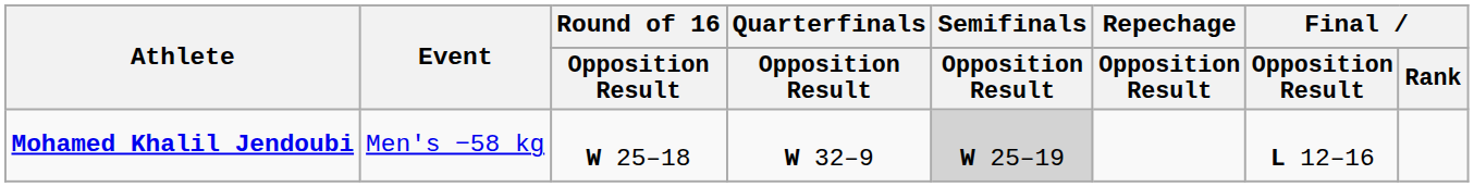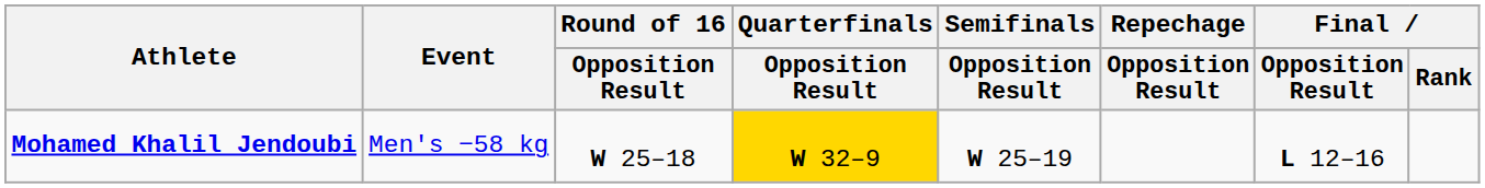 <table class="wikitable" style="font-size:90%;">
 <tr>
 <th rowspan=2>Athlete</th>
 <th rowspan=2>Event</th>
 <th>Round of 16</th>
 <th>Quarterfinals</th>
 <th>Semifinals</th>
 <th>Repechage</th>
 <th colspan=2>Final / </th>
 </tr>
 <tr style="font-size:95%">
 <th>Opposition<br>Result</th>
 <th>Opposition<br>Result</th>
 <th>Opposition<br>Result</th>
 <th>Opposition<br>Result</th>
 <th>Opposition<br>Result</th>
 <th>Rank</th>
 </tr>
 <tr align=center>
 <td align=left><strong><a href='#'>Mohamed Khalil Jendoubi</a></strong></td>
 <td align=left><a href='#'>Men's −58 kg</a></td>
 <td><br><strong>W</strong> 25–18</td>
-<td><br><strong>W</strong> 32–9</td>
-<td style="background: lightgrey;"><br><strong>W</strong> 25–19</td>
+<td style="background: gold;"><br><strong>W</strong> 32–9</td>
+<td><br><strong>W</strong> 25–19</td>
 <td></td>
 <td><br><strong>L</strong> 12–16</td>
 <td></td>
 </tr>
 </table>
